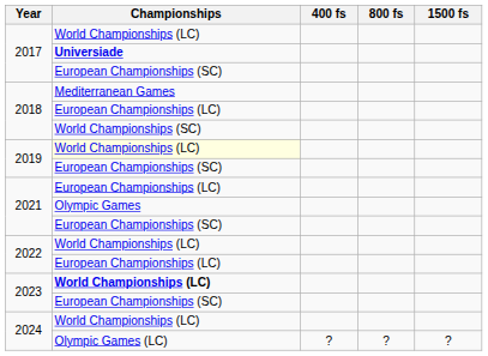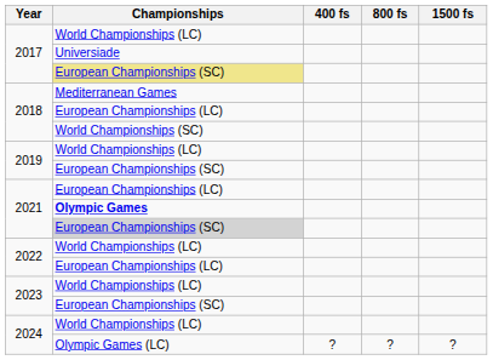 <table class="wikitable sortable" width=50% style="font-size:100%; text-align:center;">
 <tr>
 <th>Year</th>
 <th>Championships</th>
 <th>400 fs</th>
 <th>800 fs</th>
 <th>1500 fs</th>
 </tr>
 <tr>
 <td rowspan=3>2017</td>
 <td align=left><a href='#'>World Championships</a> (LC)</td>
 <td></td>
 <td></td>
 <td></td>
 </tr>
 <tr>
-<td align=left><strong><a href='#'>Universiade</a></strong></td>
+<td align=left><a href='#'>Universiade</a></td>
 <td></td>
 <td></td>
 <td></td>
 </tr>
 <tr>
-<td align=left><a href='#'>European Championships</a> (SC)</td>
+<td align=left style="background: khaki;"><a href='#'>European Championships</a> (SC)</td>
 <td></td>
 <td></td>
 <td></td>
 </tr>
 <tr>
 <td rowspan=3>2018</td>
 <td align=left><a href='#'>Mediterranean Games</a></td>
 <td></td>
 <td></td>
 <td></td>
 </tr>
 <tr>
 <td align=left><a href='#'>European Championships</a> (LC)</td>
 <td></td>
 <td></td>
 <td></td>
 </tr>
 <tr>
 <td align=left><a href='#'>World Championships</a> (SC)</td>
 <td></td>
 <td></td>
 <td></td>
 </tr>
 <tr>
 <td rowspan=2>2019</td>
-<td align=left style="background: lightyellow;"><a href='#'>World Championships</a> (LC)</td>
+<td align=left><a href='#'>World Championships</a> (LC)</td>
 <td></td>
 <td></td>
 <td></td>
 </tr>
 <tr>
 <td align=left><a href='#'>European Championships</a> (SC)</td>
 <td></td>
 <td></td>
 <td></td>
 </tr>
 <tr>
 <td rowspan="3">2021</td>
 <td align=left><a href='#'>European Championships</a> (LC)</td>
 <td></td>
 <td></td>
 <td></td>
 </tr>
 <tr>
-<td align=left><a href='#'>Olympic Games</a></td>
+<td align=left><strong><a href='#'>Olympic Games</a></strong></td>
 <td></td>
 <td></td>
 <td></td>
 </tr>
 <tr>
-<td align=left><a href='#'>European Championships</a> (SC)</td>
+<td align=left style="background: lightgrey;"><a href='#'>European Championships</a> (SC)</td>
 <td></td>
 <td></td>
 <td></td>
 </tr>
 <tr>
 <td rowspan=2>2022</td>
 <td align=left><a href='#'>World Championships</a> (LC)</td>
 <td></td>
 <td></td>
 <td></td>
 </tr>
 <tr>
 <td align=left><a href='#'>European Championships</a> (LC)</td>
 <td></td>
 <td></td>
 <td></td>
 </tr>
 <tr>
 <td rowspan=2>2023</td>
-<td align=left><strong><a href='#'>World Championships</a> (LC)</strong></td>
+<td align=left><a href='#'>World Championships</a> (LC)</td>
 <td></td>
 <td></td>
 <td></td>
 </tr>
 <tr>
 <td align=left><a href='#'>European Championships</a> (SC)</td>
 <td></td>
 <td></td>
 <td></td>
 </tr>
 <tr>
 <td rowspan=2>2024</td>
 <td align=left><a href='#'>World Championships</a> (LC)</td>
 <td></td>
 <td></td>
 <td></td>
 </tr>
 <tr>
 <td align=left><a href='#'>Olympic Games</a> (LC)</td>
 <td>?</td>
 <td>?</td>
 <td>?</td>
 </tr>
 </table>
